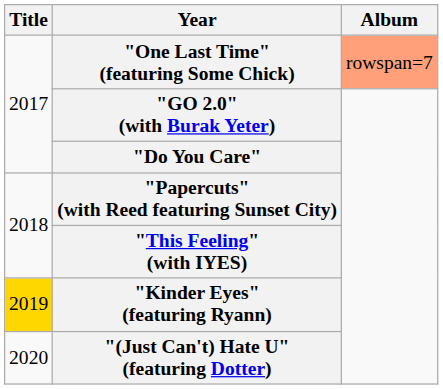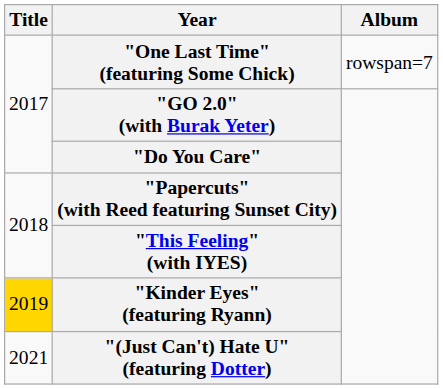 <table class="wikitable plainrowheaders">
 <tr>
 <th>Title</th>
 <th>Year</th>
 <th>Album</th>
 </tr>
 <tr>
 <td rowspan="3">2017</td>
 <th scope="row">"One Last Time"<br><span>(featuring Some Chick)</span></th>
-<td style="background: lightsalmon;">rowspan=7 </td>
+<td>rowspan=7 </td>
 </tr>
 <tr>
 <th scope="row">"GO 2.0"<br><span>(with <a href='#'>Burak Yeter</a>)</span></th>
 </tr>
 <tr>
 <th scope="row">"Do You Care" <br></th>
 </tr>
 <tr>
 <td rowspan="2">2018</td>
 <th scope="row">"Papercuts"<br><span>(with Reed featuring Sunset City)</span></th>
 </tr>
 <tr>
 <th scope="row">"<a href='#'>This Feeling</a>"<br><span>(with IYES)</span></th>
 </tr>
 <tr>
 <td style="background: gold;">2019</td>
 <th scope="row">"Kinder Eyes"<br><span>(featuring Ryann)</span></th>
 </tr>
 <tr>
-<td>2020</td>
+<td>2021</td>
 <th scope="row">"(Just Can't) Hate U" <br><span>(featuring <a href='#'>Dotter</a>)</span></th>
 </tr>
 </table>
